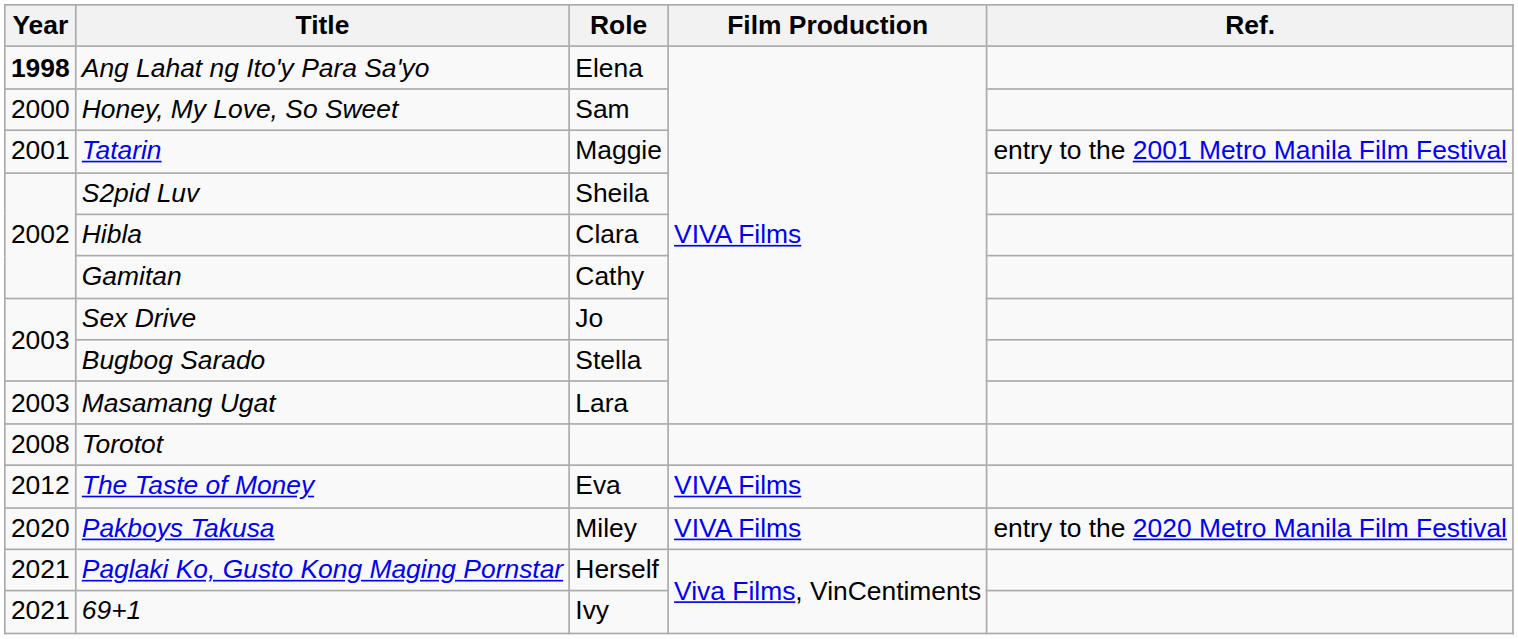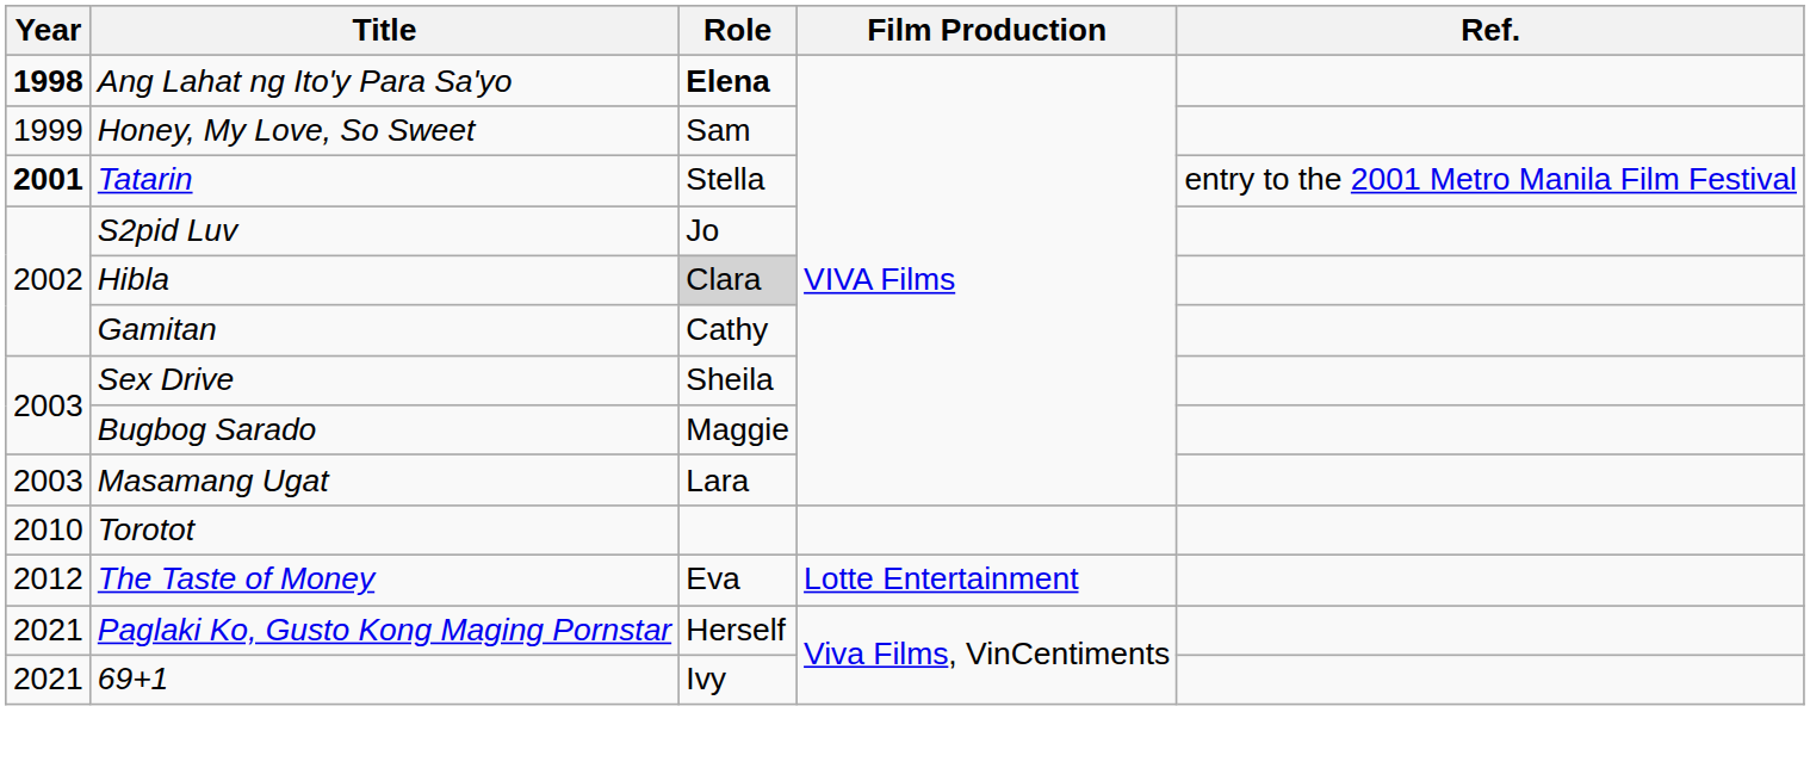 <table class="wikitable">
 <tr>
 <th>Year</th>
 <th>Title</th>
 <th>Role</th>
 <th>Film Production</th>
 <th>Ref.</th>
 </tr>
 <tr>
 <td><strong>1998</strong></td>
 <td><em>Ang Lahat ng Ito'y Para Sa'yo</em></td>
-<td>Elena</td>
+<td><strong>Elena</strong></td>
 <td rowspan=9><a href='#'>VIVA Films</a></td>
 <td></td>
 </tr>
 <tr>
-<td>2000</td>
+<td>1999</td>
 <td><em>Honey, My Love, So Sweet</em></td>
 <td>Sam</td>
 <td></td>
 </tr>
 <tr>
-<td>2001</td>
+<td><strong>2001</strong></td>
 <td><em><a href='#'>Tatarin</a></em></td>
-<td>Maggie</td>
+<td>Stella</td>
 <td>entry to the <a href='#'>2001 Metro Manila Film Festival</a></td>
 </tr>
 <tr>
 <td rowspan=3>2002</td>
 <td><em>S2pid Luv</em></td>
-<td>Sheila</td>
+<td>Jo</td>
 <td></td>
 </tr>
 <tr>
 <td><em>Hibla</em></td>
-<td>Clara</td>
+<td style="background: lightgrey;">Clara</td>
 <td></td>
 </tr>
 <tr>
 <td><em>Gamitan</em></td>
 <td>Cathy</td>
 <td></td>
 </tr>
 <tr>
 <td rowspan=2>2003</td>
 <td><em>Sex Drive</em></td>
-<td>Jo</td>
+<td>Sheila</td>
 <td></td>
 </tr>
 <tr>
 <td><em>Bugbog Sarado</em></td>
-<td>Stella</td>
+<td>Maggie</td>
 <td></td>
 </tr>
 <tr>
 <td>2003</td>
 <td><em>Masamang Ugat</em></td>
 <td>Lara</td>
 <td></td>
 </tr>
 <tr>
-<td>2008</td>
+<td>2010</td>
 <td><em>Torotot</em></td>
 <td></td>
 <td></td>
 </tr>
 <tr>
 <td>2012</td>
 <td><em><a href='#'>The Taste of Money</a></em></td>
 <td>Eva</td>
-<td><a href='#'>VIVA Films</a></td>
+<td><a href='#'>Lotte Entertainment</a></td>
 <td></td>
-</tr>
-<tr>
-<td>2020</td>
-<td><em><a href='#'>Pakboys Takusa</a></em></td>
-<td>Miley</td>
-<td><a href='#'>VIVA Films</a></td>
-<td>entry to the <a href='#'>2020 Metro Manila Film Festival</a></td>
 </tr>
 <tr>
 <td>2021</td>
 <td><em><a href='#'>Paglaki Ko, Gusto Kong Maging Pornstar</a></em></td>
 <td>Herself</td>
 <td rowspan="2"><a href='#'>Viva Films</a>, VinCentiments</td>
 <td></td>
 </tr>
 <tr>
 <td>2021</td>
 <td><em>69+1</em></td>
 <td>Ivy</td>
 <td></td>
 </tr>
 </table>
